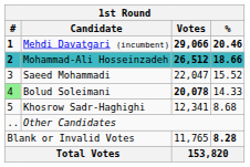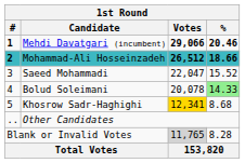 <table class="wikitable">
 <tr>
 <th colspan="4">1st Round</th>
 </tr>
 <tr>
 <th>#</th>
 <th>Candidate</th>
 <th>Votes</th>
 <th>%</th>
 </tr>
 <tr>
 <td><strong>1</strong></td>
 <td><a href='#'>Mehdi Davatgari</a> <small>(incumbent)</small></td>
 <td><strong>29,066</strong></td>
 <td><strong>20.46</strong></td>
 </tr>
 <tr>
 <td style="background:#3cb8c2"><strong>2</strong></td>
 <td style="background:#3cb8c2">Mohammad-Ali Hosseinzadeh</td>
 <td style="background:#3cb8c2"><strong>26,512</strong></td>
 <td style="background:#3cb8c2"><strong>18.66</strong></td>
 </tr>
 <tr>
 <td>3</td>
 <td>Saeed Mohammadi</td>
 <td>22,047</td>
 <td>15.52</td>
 </tr>
 <tr>
-<td style="background: lightgreen;">4</td>
+<td>4</td>
 <td>Bolud Soleimani</td>
-<td><strong>20,078</strong></td>
-<td>14.33</td>
+<td>20,078</td>
+<td style="background: lightgreen;">14.33</td>
 </tr>
 <tr>
 <td>5</td>
 <td>Khosrow Sadr-Haghighi</td>
-<td>12,341</td>
+<td style="background: gold;">12,341</td>
 <td>8.68</td>
 </tr>
 <tr>
 <td>..</td>
 <td colspan="3"><em>Other Candidates</em></td>
 </tr>
 <tr>
 <td colspan="2">Blank or Invalid Votes</td>
-<td>11,765</td>
-<td><strong>8.28</strong></td>
+<td style="background: lightgrey;">11,765</td>
+<td>8.28</td>
 </tr>
 <tr>
 <th colspan="2">Total Votes</th>
 <th colspan="2">153,820</th>
 </tr>
 </table>
